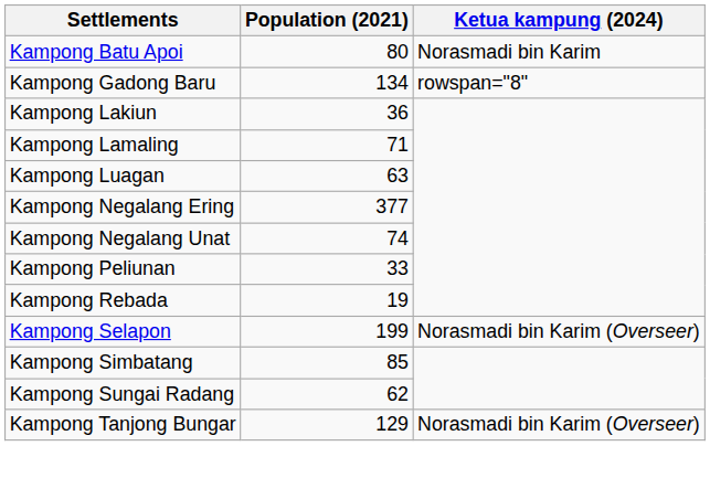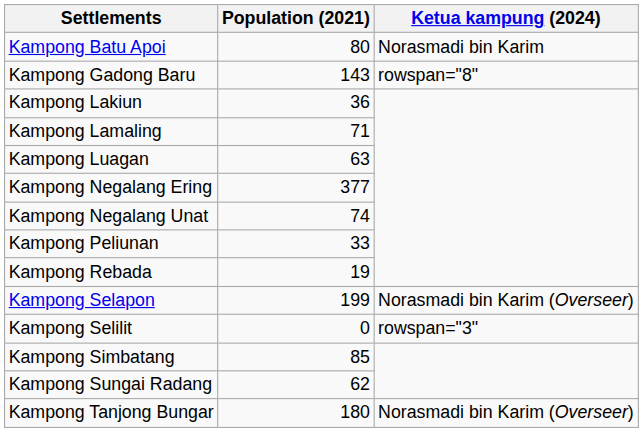 <table class="wikitable">
 <tr>
 <th>Settlements</th>
 <th>Population (2021)</th>
 <th><a href='#'>Ketua kampung</a> (2024)</th>
 </tr>
 <tr>
 <td><a href='#'>Kampong Batu Apoi</a></td>
 <td align="right">80</td>
 <td>Norasmadi bin Karim</td>
 </tr>
 <tr>
 <td>Kampong Gadong Baru</td>
-<td align="right">134</td>
+<td align="right">143</td>
 <td>rowspan="8" </td>
 </tr>
 <tr>
 <td>Kampong Lakiun</td>
 <td align="right">36</td>
 </tr>
 <tr>
 <td>Kampong Lamaling</td>
 <td align="right">71</td>
 </tr>
 <tr>
 <td>Kampong Luagan</td>
 <td align="right">63</td>
 </tr>
 <tr>
 <td>Kampong Negalang Ering</td>
 <td align="right">377</td>
 </tr>
 <tr>
 <td>Kampong Negalang Unat</td>
 <td align="right">74</td>
 </tr>
 <tr>
 <td>Kampong Peliunan</td>
 <td align="right">33</td>
 </tr>
 <tr>
 <td>Kampong Rebada</td>
 <td align="right">19</td>
 </tr>
 <tr>
 <td><a href='#'>Kampong Selapon</a></td>
 <td align="right">199</td>
 <td>Norasmadi bin Karim (<em>Overseer</em>)</td>
 </tr>
 <tr>
+<td>Kampong Selilit</td>
+<td align="right">0</td>
+<td>rowspan="3" </td>
+</tr>
+<tr>
 <td>Kampong Simbatang</td>
 <td align="right">85</td>
 </tr>
 <tr>
 <td>Kampong Sungai Radang</td>
 <td align="right">62</td>
 </tr>
 <tr>
 <td>Kampong Tanjong Bungar</td>
-<td align="right">129</td>
+<td align="right">180</td>
 <td>Norasmadi bin Karim (<em>Overseer</em>)</td>
 </tr>
 </table>
